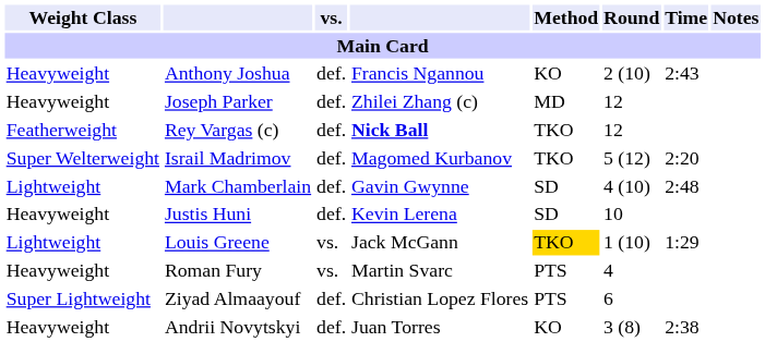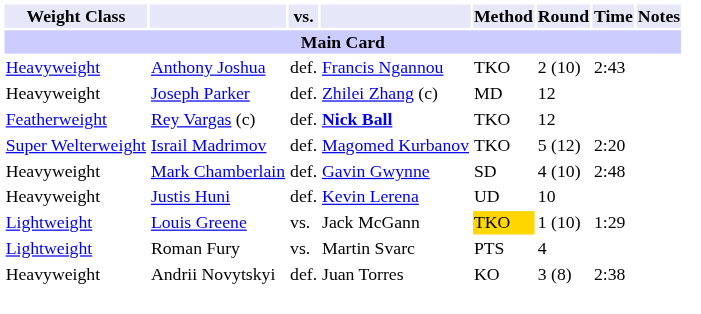 <table class="toccolours" style="font-size: 90%;">
 <tr>
 <th style="background:#e6e8fa; color:#000; text-align:centre;">Weight Class</th>
 <th style="background:#e6e8fa; color:#000; text-align:centre;"></th>
 <th style="background:#e6e8fa; color:#000; text-align:centre;">vs.</th>
 <th style="background:#e6e8fa; color:#000; text-align:centre;"></th>
 <th style="background:#e6e8fa; color:#000; text-align:centre;">Method</th>
 <th style="background:#e6e8fa; color:#000; text-align:centre;">Round</th>
 <th style="background:#e6e8fa; color:#000; text-align:centre;">Time</th>
 <th style="background:#e6e8fa; color:#000; text-align:centre;">Notes</th>
 </tr>
 <tr>
 <th colspan="8" style="background-color: #ccccff;">Main Card</th>
 </tr>
 <tr>
 <td><a href='#'>Heavyweight</a></td>
 <td> <a href='#'>Anthony Joshua</a></td>
 <td>def.</td>
 <td> <a href='#'>Francis Ngannou</a></td>
-<td align="centre">KO</td>
+<td align="centre">TKO</td>
 <td align="centre">2 (10)</td>
 <td align="centre">2:43</td>
 <td></td>
 </tr>
 <tr>
 <td>Heavyweight</td>
 <td> <a href='#'>Joseph Parker</a></td>
 <td>def.</td>
 <td> <a href='#'>Zhilei Zhang</a> (c)</td>
 <td align="centre">MD</td>
 <td align="centre">12</td>
 <td align="centre"></td>
 <td></td>
 </tr>
 <tr>
 <td><a href='#'>Featherweight</a></td>
 <td> <a href='#'>Rey Vargas</a> (c)</td>
 <td>def.</td>
 <td><strong> <a href='#'>Nick Ball</a></strong></td>
 <td align="centre">TKO</td>
 <td align="centre">12</td>
 <td align="centre"></td>
 <td></td>
 </tr>
 <tr>
 <td><a href='#'>Super Welterweight</a></td>
 <td> <a href='#'>Israil Madrimov</a></td>
 <td>def.</td>
 <td> <a href='#'>Magomed Kurbanov</a></td>
 <td align="centre">TKO</td>
 <td align="centre">5 (12)</td>
 <td align="centre">2:20</td>
 <td></td>
 </tr>
 <tr>
-<td><a href='#'>Lightweight</a></td>
+<td>Heavyweight</td>
 <td> <a href='#'>Mark Chamberlain</a></td>
 <td>def.</td>
 <td> <a href='#'>Gavin Gwynne</a></td>
 <td align="centre">SD</td>
 <td align="centre">4 (10)</td>
 <td align="centre">2:48</td>
 <td></td>
 </tr>
 <tr>
 <td>Heavyweight</td>
 <td> <a href='#'>Justis Huni</a></td>
 <td>def.</td>
 <td> <a href='#'>Kevin Lerena</a></td>
-<td align="centre">SD</td>
+<td align="centre">UD</td>
 <td align="centre">10</td>
 <td align="centre"></td>
 <td></td>
 </tr>
 <tr>
 <td><a href='#'>Lightweight</a></td>
 <td> <a href='#'>Louis Greene</a></td>
 <td>vs.</td>
 <td> Jack McGann</td>
 <td align="centre" style="background: gold;">TKO</td>
 <td align="centre">1 (10)</td>
 <td align="centre">1:29</td>
 <td></td>
 </tr>
 <tr>
-<td>Heavyweight</td>
+<td><a href='#'>Lightweight</a></td>
 <td> Roman Fury</td>
 <td>vs.</td>
 <td> Martin Svarc</td>
 <td align="centre">PTS</td>
 <td align="centre">4</td>
-<td align="centre"></td>
-<td></td>
-</tr>
-<tr>
-<td><a href='#'>Super Lightweight</a></td>
-<td> Ziyad Almaayouf</td>
-<td>def.</td>
-<td> Christian Lopez Flores</td>
-<td align="centre">PTS</td>
-<td align="centre">6</td>
 <td align="centre"></td>
 <td></td>
 </tr>
 <tr>
 <td>Heavyweight</td>
 <td> Andrii Novytskyi</td>
 <td>def.</td>
 <td> Juan Torres</td>
 <td align="centre">KO</td>
 <td align="centre">3 (8)</td>
 <td align="centre">2:38</td>
 <td></td>
 </tr>
 </table>
